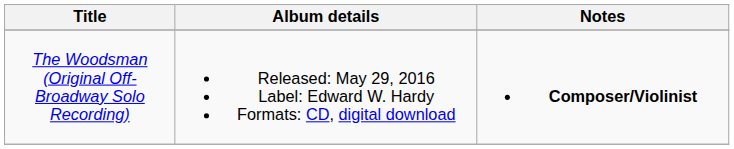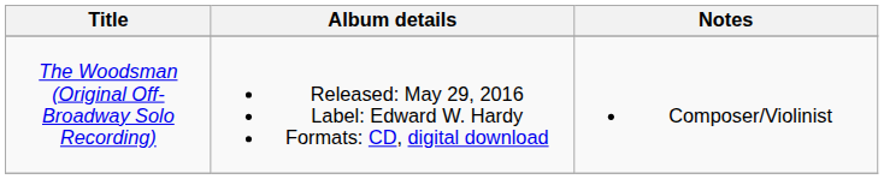 <table class="wikitable plainrowheaders" style="text-align:center;">
 <tr>
 <th scope="col" rowspan="1" style="width:10em;">Title</th>
 <th scope="col" rowspan="1" style="width:18em;">Album details</th>
 <th scope="col" rowspan="1" style="width:15em;">Notes</th>
 </tr>
 <tr>
 </tr>
 <tr>
 <td scope="row"><em><a href='#'>The Woodsman (Original Off-Broadway Solo Recording)</a></em></td>
 <td><br><ul><li>Released: May 29, 2016</li><li>Label: Edward W. Hardy</li><li>Formats: <a href='#'>CD</a>, <a href='#'>digital download</a></li></ul></td>
-<td><strong><br><ul><li>Composer/Violinist</li></ul></strong></td>
+<td><br><ul><li>Composer/Violinist</li></ul></td>
 </tr>
 <tr>
 </tr>
 </table>
